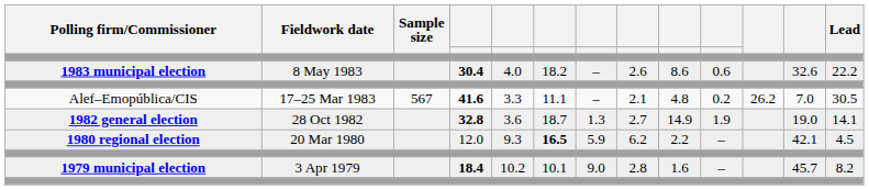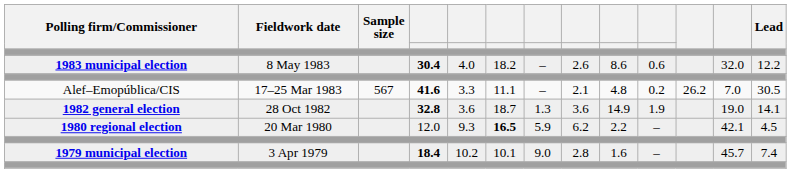 <table class="wikitable collapsible collapsed" style="text-align:center; font-size:90%; line-height:14px;">
 <tr style="height:42px;">
 <th style="width:250px;" rowspan="2">Polling firm/Commissioner</th>
 <th style="width:125px;" rowspan="2">Fieldwork date</th>
 <th style="width:50px;" rowspan="2">Sample size</th>
 <th style="width:35px;"></th>
 <th style="width:35px;"></th>
 <th style="width:35px;"></th>
 <th style="width:35px;"></th>
 <th style="width:35px;"></th>
 <th style="width:35px;"></th>
 <th style="width:35px;"></th>
 <th style="width:35px;" rowspan="2"></th>
 <th style="width:35px;" rowspan="2"></th>
 <th style="width:30px;" rowspan="2">Lead</th>
 </tr>
 <tr>
 <th style="color:inherit;background:"></th>
 <th style="color:inherit;background:"></th>
 <th style="color:inherit;background:"></th>
 <th style="color:inherit;background:"></th>
 <th style="color:inherit;background:"></th>
 <th style="color:inherit;background:"></th>
 <th style="color:inherit;background:"></th>
 </tr>
 <tr>
 <td colspan="13" style="background:#A0A0A0"></td>
 </tr>
 <tr style="background:#EFEFEF;">
 <td><strong><a href='#'>1983 municipal election</a></strong></td>
 <td>8 May 1983</td>
 <td></td>
 <td><strong>30.4</strong></td>
 <td>4.0</td>
 <td>18.2</td>
 <td>–</td>
 <td>2.6</td>
 <td>8.6</td>
 <td>0.6</td>
 <td></td>
-<td>32.6</td>
-<td style="background:">22.2</td>
+<td>32.0</td>
+<td style="background:">12.2</td>
 </tr>
 <tr>
 <td colspan="13" style="background:#A0A0A0"></td>
 </tr>
 <tr>
 <td>Alef–Emopública/CIS</td>
 <td>17–25 Mar 1983</td>
 <td>567</td>
 <td><strong>41.6</strong></td>
 <td>3.3</td>
 <td>11.1</td>
 <td>–</td>
 <td>2.1</td>
 <td>4.8</td>
 <td>0.2</td>
 <td>26.2</td>
 <td>7.0</td>
 <td style="background:">30.5</td>
 </tr>
 <tr style="background:#EFEFEF;">
 <td><strong><a href='#'>1982 general election</a></strong></td>
 <td>28 Oct 1982</td>
 <td></td>
 <td><strong>32.8</strong></td>
 <td>3.6</td>
 <td>18.7</td>
 <td>1.3</td>
-<td>2.7</td>
+<td>3.6</td>
 <td>14.9</td>
 <td>1.9</td>
 <td></td>
 <td>19.0</td>
 <td style="background:">14.1</td>
 </tr>
 <tr style="background:#EFEFEF;">
 <td><strong><a href='#'>1980 regional election</a></strong></td>
 <td>20 Mar 1980</td>
 <td></td>
 <td>12.0</td>
 <td>9.3</td>
 <td><strong>16.5</strong></td>
 <td>5.9</td>
 <td>6.2</td>
 <td>2.2</td>
 <td>–</td>
 <td></td>
 <td>42.1</td>
 <td style="background:">4.5</td>
 </tr>
 <tr>
 <td colspan="13" style="background:#A0A0A0"></td>
 </tr>
 <tr style="background:#EFEFEF;">
 <td><strong><a href='#'>1979 municipal election</a></strong></td>
 <td>3 Apr 1979</td>
 <td></td>
 <td><strong>18.4</strong></td>
 <td>10.2</td>
 <td>10.1</td>
 <td>9.0</td>
 <td>2.8</td>
 <td>1.6</td>
 <td>–</td>
 <td></td>
 <td>45.7</td>
-<td style="background:">8.2</td>
+<td style="background:">7.4</td>
 </tr>
 <tr>
 <td colspan="13" style="background:#A0A0A0"></td>
 </tr>
 </table>
